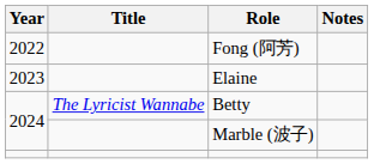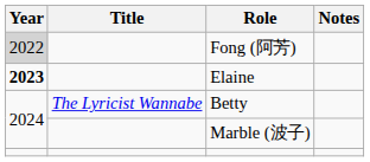 <table class="wikitable">
 <tr>
 <th>Year</th>
 <th>Title</th>
 <th>Role</th>
 <th>Notes</th>
 </tr>
 <tr>
-<td>2022</td>
+<td style="background: lightgrey;">2022</td>
 <td><em></em></td>
 <td>Fong (阿芳)</td>
 <td></td>
 </tr>
 <tr>
-<td>2023</td>
+<td><strong>2023</strong></td>
 <td><em></em></td>
 <td>Elaine</td>
 <td></td>
 </tr>
 <tr>
 <td rowspan="2">2024</td>
 <td><em><a href='#'>The Lyricist Wannabe</a></em></td>
 <td>Betty</td>
 <td></td>
 </tr>
 <tr>
 <td><em></em></td>
 <td>Marble (波子)</td>
 <td></td>
 </tr>
 <tr>
 <td></td>
 <td><em></em></td>
 <td></td>
 <td></td>
 </tr>
 </table>
